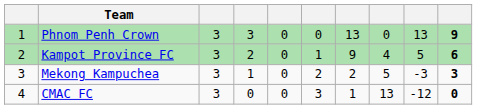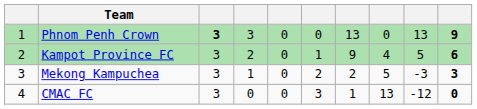 <table class="wikitable" style="text-align: center;">
 <tr>
 <th width=30></th>
 <th width=165>Team</th>
 <th width=30></th>
 <th width=30></th>
 <th width=30></th>
 <th width=30></th>
 <th width=30></th>
 <th width=30></th>
 <th width=30></th>
 <th width=30></th>
 </tr>
 <tr style="background:#ace1af;">
 <td>1</td>
 <td align=left><a href='#'>Phnom Penh Crown</a></td>
-<td>3</td>
+<td><strong>3</strong></td>
 <td>3</td>
 <td>0</td>
 <td>0</td>
 <td>13</td>
 <td>0</td>
 <td>13</td>
 <td><strong>9</strong></td>
 </tr>
 <tr style="background:#ace1af;">
 <td>2</td>
 <td align=left><a href='#'>Kampot Province FC</a></td>
 <td>3</td>
 <td>2</td>
 <td>0</td>
 <td>1</td>
 <td>9</td>
 <td>4</td>
 <td>5</td>
 <td><strong>6</strong></td>
 </tr>
 <tr>
 <td>3</td>
 <td align=left><a href='#'>Mekong Kampuchea</a></td>
 <td>3</td>
 <td>1</td>
 <td>0</td>
 <td>2</td>
 <td>2</td>
 <td>5</td>
 <td>-3</td>
 <td><strong>3</strong></td>
 </tr>
 <tr>
 <td>4</td>
 <td align=left><a href='#'>CMAC FC</a></td>
 <td>3</td>
 <td>0</td>
 <td>0</td>
 <td>3</td>
 <td>1</td>
 <td>13</td>
 <td>-12</td>
 <td><strong>0</strong></td>
 </tr>
 </table>
